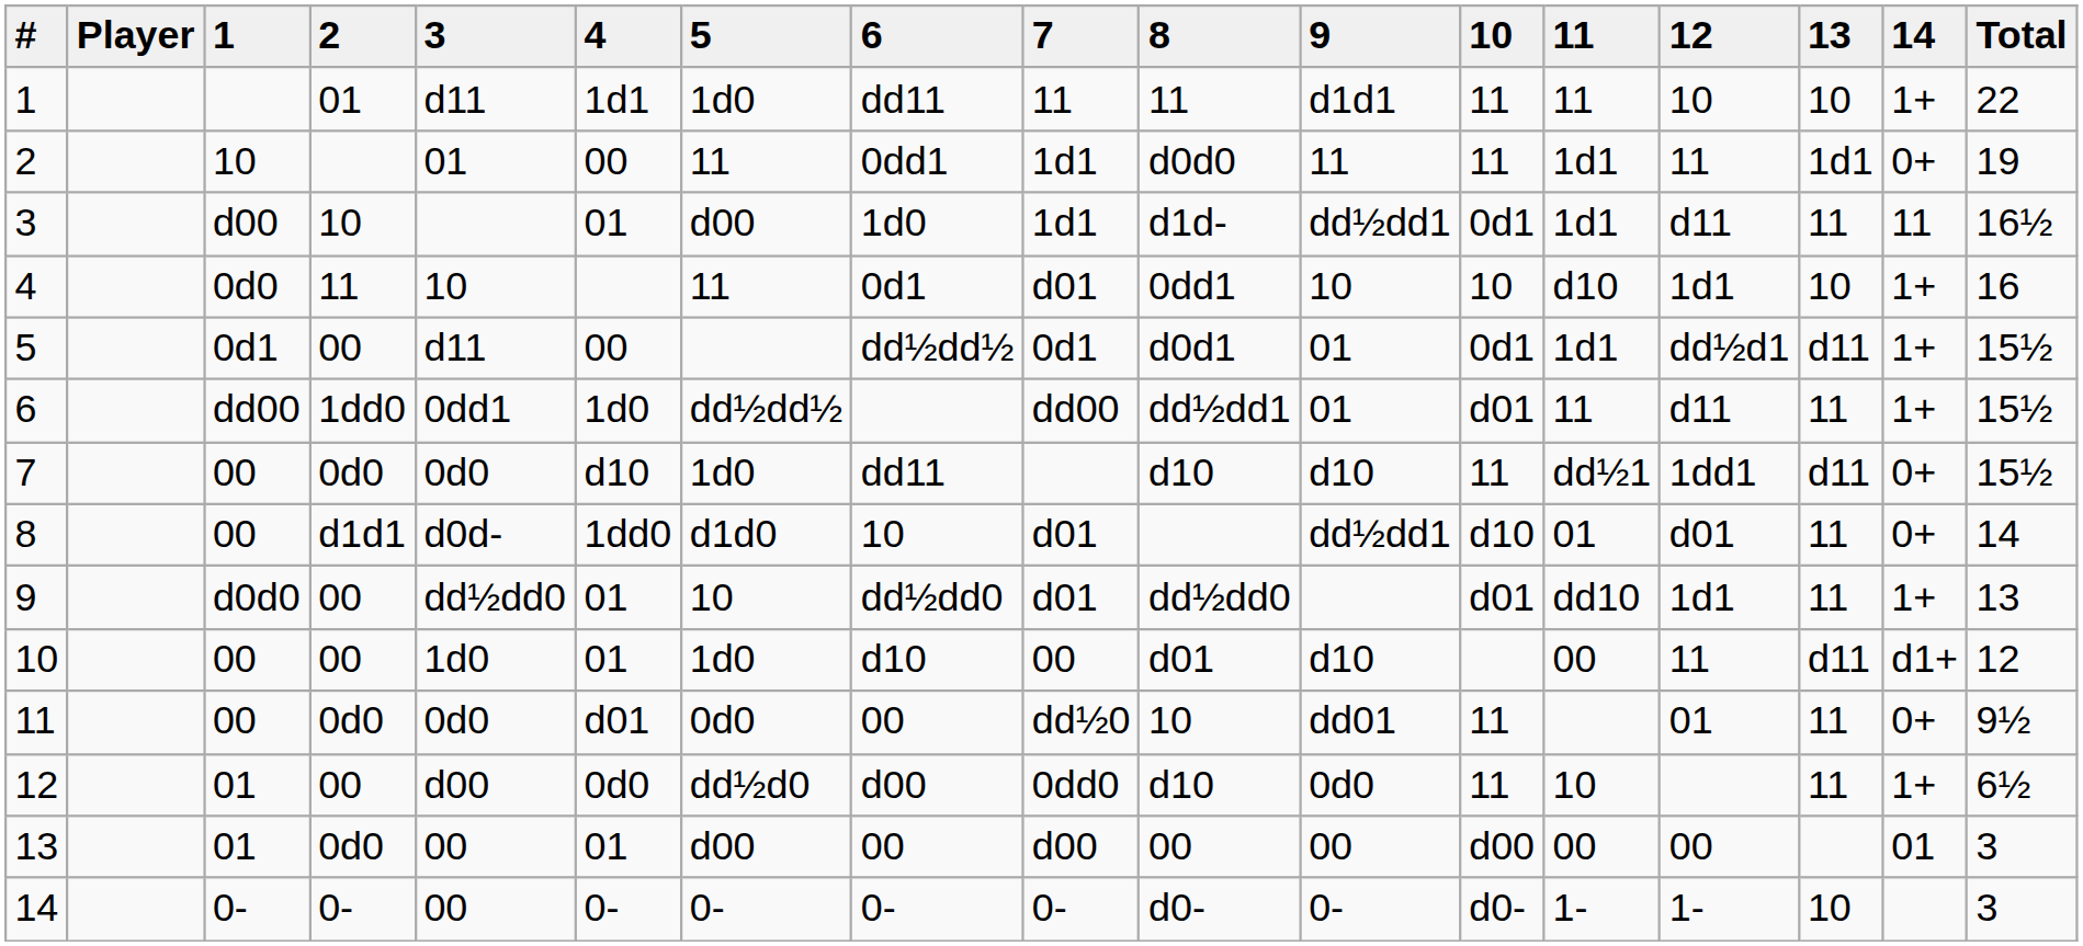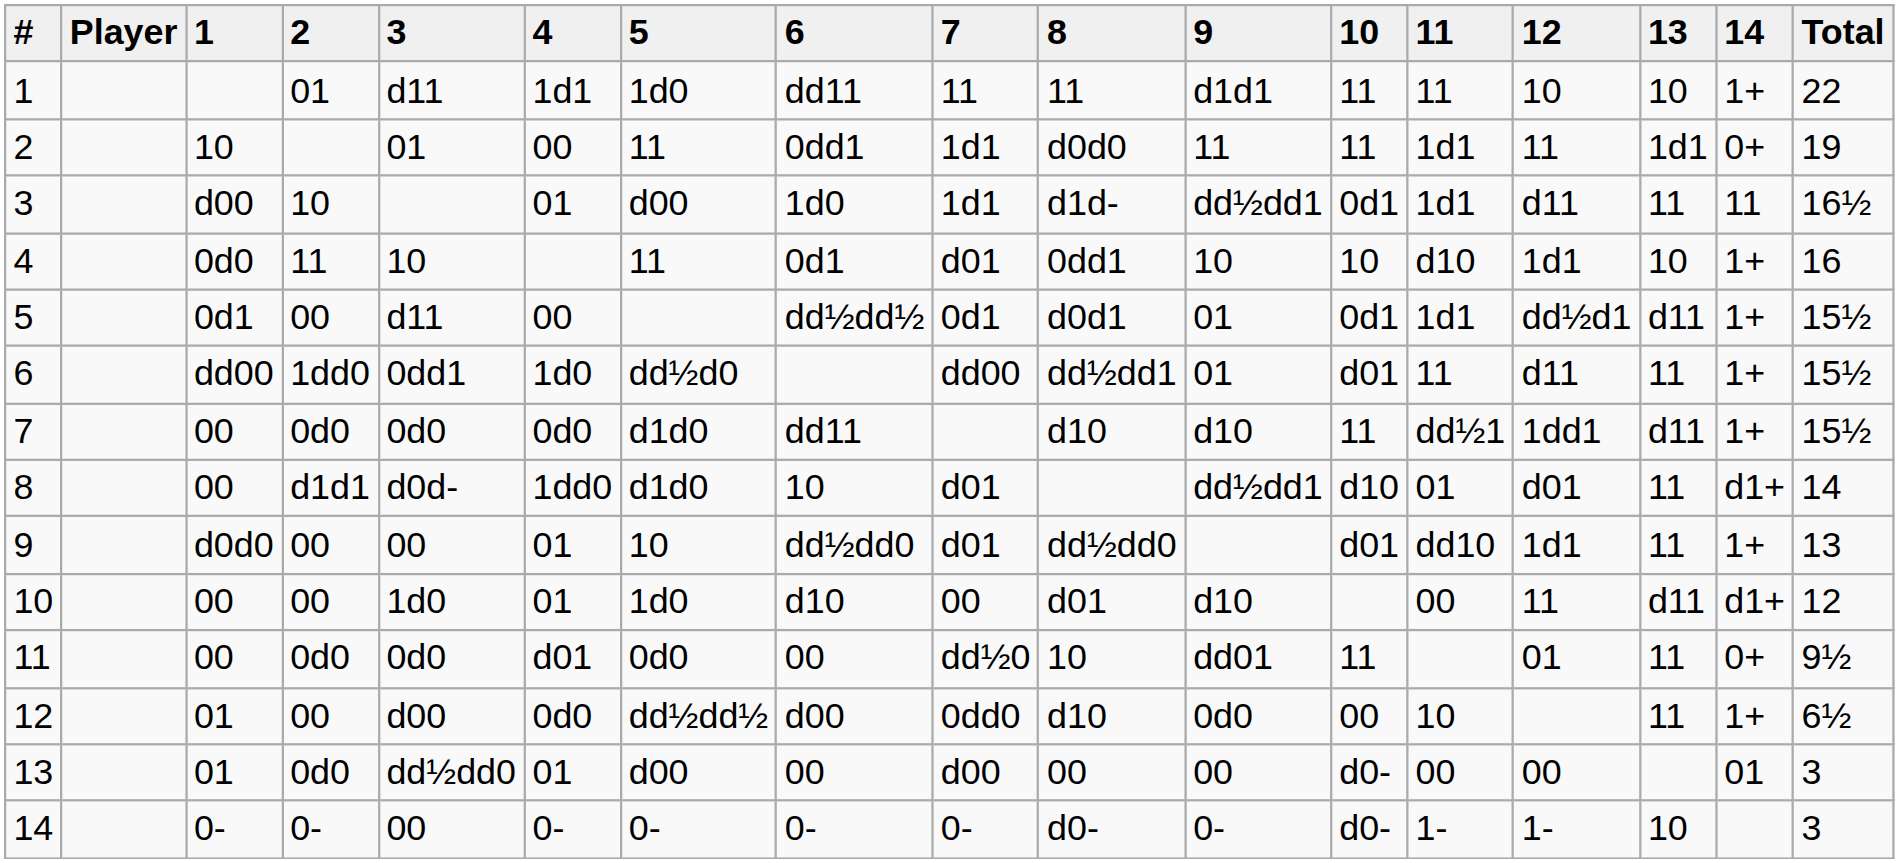 <table class="wikitable">
 <tr>
 <td style="background:#f0f0f0;"><strong>#</strong></td>
 <td style="background:#f0f0f0;"><strong>Player</strong></td>
 <td style="background:#f0f0f0;"><strong>1</strong></td>
 <td style="background:#f0f0f0;"><strong>2</strong></td>
 <td style="background:#f0f0f0;"><strong>3</strong></td>
 <td style="background:#f0f0f0;"><strong>4</strong></td>
 <td style="background:#f0f0f0;"><strong>5</strong></td>
 <td style="background:#f0f0f0;"><strong>6</strong></td>
 <td style="background:#f0f0f0;"><strong>7</strong></td>
 <td style="background:#f0f0f0;"><strong>8</strong></td>
 <td style="background:#f0f0f0;"><strong>9</strong></td>
 <td style="background:#f0f0f0;"><strong>10</strong></td>
 <td style="background:#f0f0f0;"><strong>11</strong></td>
 <td style="background:#f0f0f0;"><strong>12</strong></td>
 <td style="background:#f0f0f0;"><strong>13</strong></td>
 <td style="background:#f0f0f0;"><strong>14</strong></td>
 <td style="background:#f0f0f0;"><strong>Total</strong></td>
 </tr>
 <tr>
 <td>1</td>
 <td></td>
 <td></td>
 <td>01</td>
 <td>d11</td>
 <td>1d1</td>
 <td>1d0</td>
 <td>dd11</td>
 <td>11</td>
 <td>11</td>
 <td>d1d1</td>
 <td>11</td>
 <td>11</td>
 <td>10</td>
 <td>10</td>
 <td>1+</td>
 <td>22</td>
 </tr>
 <tr>
 <td>2</td>
 <td></td>
 <td>10</td>
 <td></td>
 <td>01</td>
 <td>00</td>
 <td>11</td>
 <td>0dd1</td>
 <td>1d1</td>
 <td>d0d0</td>
 <td>11</td>
 <td>11</td>
 <td>1d1</td>
 <td>11</td>
 <td>1d1</td>
 <td>0+</td>
 <td>19</td>
 </tr>
 <tr>
 <td>3</td>
 <td></td>
 <td>d00</td>
 <td>10</td>
 <td></td>
 <td>01</td>
 <td>d00</td>
 <td>1d0</td>
 <td>1d1</td>
 <td>d1d-</td>
 <td>dd½dd1</td>
 <td>0d1</td>
 <td>1d1</td>
 <td>d11</td>
 <td>11</td>
 <td>11</td>
 <td>16½</td>
 </tr>
 <tr>
 <td>4</td>
 <td></td>
 <td>0d0</td>
 <td>11</td>
 <td>10</td>
 <td></td>
 <td>11</td>
 <td>0d1</td>
 <td>d01</td>
 <td>0dd1</td>
 <td>10</td>
 <td>10</td>
 <td>d10</td>
 <td>1d1</td>
 <td>10</td>
 <td>1+</td>
 <td>16</td>
 </tr>
 <tr>
 <td>5</td>
 <td></td>
 <td>0d1</td>
 <td>00</td>
 <td>d11</td>
 <td>00</td>
 <td></td>
 <td>dd½dd½</td>
 <td>0d1</td>
 <td>d0d1</td>
 <td>01</td>
 <td>0d1</td>
 <td>1d1</td>
 <td>dd½d1</td>
 <td>d11</td>
 <td>1+</td>
 <td>15½</td>
 </tr>
 <tr>
 <td>6</td>
 <td></td>
 <td>dd00</td>
 <td>1dd0</td>
 <td>0dd1</td>
 <td>1d0</td>
-<td>dd½dd½</td>
+<td>dd½d0</td>
 <td></td>
 <td>dd00</td>
 <td>dd½dd1</td>
 <td>01</td>
 <td>d01</td>
 <td>11</td>
 <td>d11</td>
 <td>11</td>
 <td>1+</td>
 <td>15½</td>
 </tr>
 <tr>
 <td>7</td>
 <td></td>
 <td>00</td>
 <td>0d0</td>
 <td>0d0</td>
-<td>d10</td>
-<td>1d0</td>
+<td>0d0</td>
+<td>d1d0</td>
 <td>dd11</td>
 <td></td>
 <td>d10</td>
 <td>d10</td>
 <td>11</td>
 <td>dd½1</td>
 <td>1dd1</td>
 <td>d11</td>
-<td>0+</td>
+<td>1+</td>
 <td>15½</td>
 </tr>
 <tr>
 <td>8</td>
 <td></td>
 <td>00</td>
 <td>d1d1</td>
 <td>d0d-</td>
 <td>1dd0</td>
 <td>d1d0</td>
 <td>10</td>
 <td>d01</td>
 <td></td>
 <td>dd½dd1</td>
 <td>d10</td>
 <td>01</td>
 <td>d01</td>
 <td>11</td>
-<td>0+</td>
+<td>d1+</td>
 <td>14</td>
 </tr>
 <tr>
 <td>9</td>
 <td></td>
 <td>d0d0</td>
 <td>00</td>
-<td>dd½dd0</td>
+<td>00</td>
 <td>01</td>
 <td>10</td>
 <td>dd½dd0</td>
 <td>d01</td>
 <td>dd½dd0</td>
 <td></td>
 <td>d01</td>
 <td>dd10</td>
 <td>1d1</td>
 <td>11</td>
 <td>1+</td>
 <td>13</td>
 </tr>
 <tr>
 <td>10</td>
 <td></td>
 <td>00</td>
 <td>00</td>
 <td>1d0</td>
 <td>01</td>
 <td>1d0</td>
 <td>d10</td>
 <td>00</td>
 <td>d01</td>
 <td>d10</td>
 <td></td>
 <td>00</td>
 <td>11</td>
 <td>d11</td>
 <td>d1+</td>
 <td>12</td>
 </tr>
 <tr>
 <td>11</td>
 <td></td>
 <td>00</td>
 <td>0d0</td>
 <td>0d0</td>
 <td>d01</td>
 <td>0d0</td>
 <td>00</td>
 <td>dd½0</td>
 <td>10</td>
 <td>dd01</td>
 <td>11</td>
 <td></td>
 <td>01</td>
 <td>11</td>
 <td>0+</td>
 <td>9½</td>
 </tr>
 <tr>
 <td>12</td>
 <td></td>
 <td>01</td>
 <td>00</td>
 <td>d00</td>
 <td>0d0</td>
-<td>dd½d0</td>
+<td>dd½dd½</td>
 <td>d00</td>
 <td>0dd0</td>
 <td>d10</td>
 <td>0d0</td>
-<td>11</td>
+<td>00</td>
 <td>10</td>
 <td></td>
 <td>11</td>
 <td>1+</td>
 <td>6½</td>
 </tr>
 <tr>
 <td>13</td>
 <td></td>
 <td>01</td>
 <td>0d0</td>
-<td>00</td>
+<td>dd½dd0</td>
 <td>01</td>
 <td>d00</td>
 <td>00</td>
 <td>d00</td>
 <td>00</td>
 <td>00</td>
-<td>d00</td>
+<td>d0-</td>
 <td>00</td>
 <td>00</td>
 <td></td>
 <td>01</td>
 <td>3</td>
 </tr>
 <tr>
 <td>14</td>
 <td></td>
 <td>0-</td>
 <td>0-</td>
 <td>00</td>
 <td>0-</td>
 <td>0-</td>
 <td>0-</td>
 <td>0-</td>
 <td>d0-</td>
 <td>0-</td>
 <td>d0-</td>
 <td>1-</td>
 <td>1-</td>
 <td>10</td>
 <td></td>
 <td>3</td>
 </tr>
 </table>
